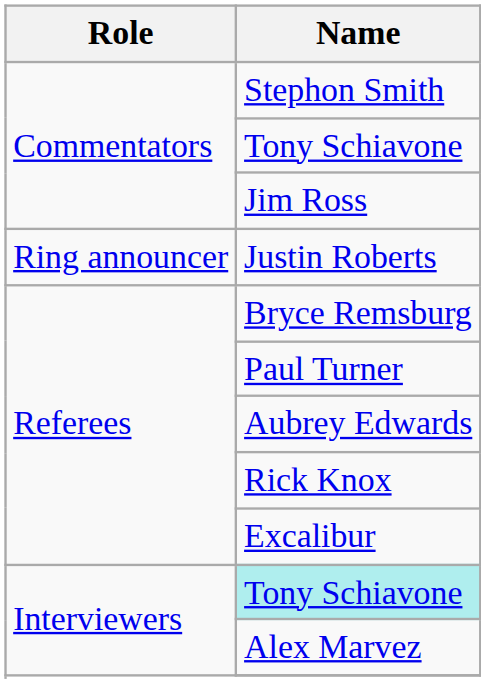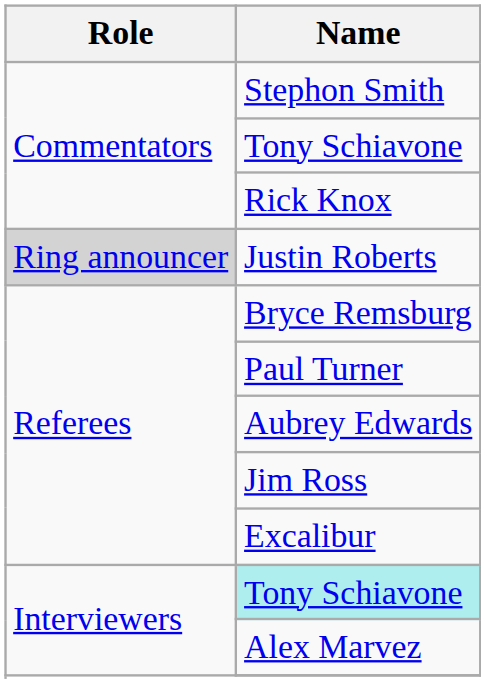 <table class=wikitable style="font-size:90%; margin: 0.5em 0 0.5em 1em; float: right; clear: right;">
 <tr>
 <th>Role</th>
 <th>Name</th>
 </tr>
 <tr>
 <td rowspan=3><a href='#'>Commentators</a></td>
 <td><a href='#'>Stephon Smith</a></td>
 </tr>
 <tr>
 <td><a href='#'>Tony Schiavone</a></td>
 </tr>
 <tr>
-<td><a href='#'>Jim Ross</a></td>
+<td><a href='#'>Rick Knox</a></td>
 </tr>
 <tr>
-<td rowspan=1><a href='#'>Ring announcer</a></td>
+<td rowspan=1 style="background: lightgrey;"><a href='#'>Ring announcer</a></td>
 <td><a href='#'>Justin Roberts</a></td>
 </tr>
 <tr>
 <td rowspan=5><a href='#'>Referees</a></td>
 <td><a href='#'>Bryce Remsburg</a></td>
 </tr>
 <tr>
 <td><a href='#'>Paul Turner</a></td>
 </tr>
 <tr>
 <td><a href='#'>Aubrey Edwards</a></td>
 </tr>
 <tr>
-<td><a href='#'>Rick Knox</a></td>
+<td><a href='#'>Jim Ross</a></td>
 </tr>
 <tr>
 <td><a href='#'>Excalibur</a></td>
 </tr>
 <tr>
 <td rowspan=3><a href='#'>Interviewers</a></td>
 <td style="background: paleturquoise;"><a href='#'>Tony Schiavone</a></td>
 </tr>
 <tr>
 <td><a href='#'>Alex Marvez</a></td>
 </tr>
 <tr>
 </tr>
 </table>
